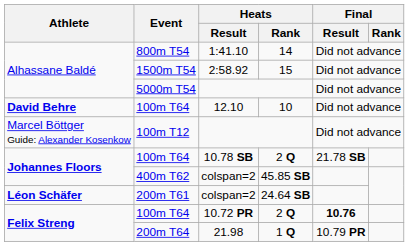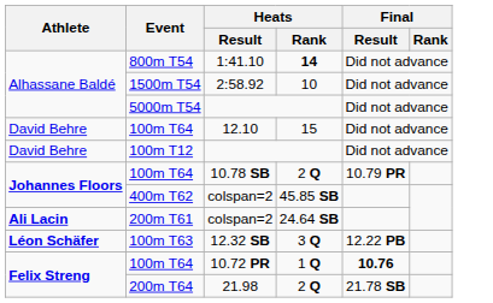 <table class=wikitable style="font-size:90%">
 <tr>
 <th rowspan="2">Athlete</th>
 <th rowspan="2">Event</th>
 <th colspan="2">Heats</th>
 <th colspan="2">Final</th>
 </tr>
 <tr>
 <th>Result</th>
 <th>Rank</th>
 <th>Result</th>
 <th>Rank</th>
 </tr>
 <tr align=center>
 <td align=left rowspan=3><a href='#'>Alhassane Baldé</a></td>
 <td align=left><a href='#'>800m T54</a></td>
 <td>1:41.10</td>
-<td>14</td>
+<td><strong>14</strong></td>
 <td colspan=2>Did not advance</td>
 </tr>
 <tr align=center>
 <td align=left><a href='#'>1500m T54</a></td>
 <td>2:58.92</td>
-<td>15</td>
+<td>10</td>
 <td colspan=2>Did not advance</td>
 </tr>
 <tr align=center>
 <td align=left><a href='#'>5000m T54</a></td>
 <td colspan=2></td>
 <td colspan=2>Did not advance</td>
 </tr>
 <tr align=center>
-<td align=left><strong><a href='#'>David Behre</a></strong></td>
+<td align=left><a href='#'>David Behre</a></td>
 <td align=left><a href='#'>100m T64</a></td>
 <td>12.10</td>
-<td>10</td>
+<td>15</td>
 <td colspan=2>Did not advance</td>
 </tr>
 <tr align=center>
-<td align=left><a href='#'>Marcel Böttger</a><br><small>Guide: <a href='#'>Alexander Kosenkow</a></small></td>
+<td align=left><a href='#'>David Behre</a></td>
 <td align=left><a href='#'>100m T12</a></td>
 <td colspan=2></td>
 <td colspan=2>Did not advance</td>
 </tr>
 <tr align=center>
 <td align=left rowspan=2><strong><a href='#'>Johannes Floors</a></strong></td>
 <td align=left><a href='#'>100m T64</a></td>
 <td>10.78 <strong>SB</strong></td>
 <td>2 <strong>Q</strong></td>
-<td>21.78 <strong>SB</strong></td>
+<td>10.79 <strong>PR</strong></td>
 <td></td>
 </tr>
 <tr align=center>
 <td align=left><a href='#'>400m T62</a></td>
 <td>colspan=2</td>
 <td>45.85 <strong>SB</strong></td>
 <td></td>
 </tr>
 <tr align=center>
-<td align=left><strong><a href='#'>Léon Schäfer</a></strong></td>
+<td align=left><strong><a href='#'>Ali Lacin</a></strong></td>
 <td align=left><a href='#'>200m T61</a></td>
 <td>colspan=2</td>
 <td>24.64 <strong>SB</strong></td>
 <td></td>
 </tr>
 <tr align=center>
+<td align=left><strong><a href='#'>Léon Schäfer</a></strong></td>
+<td align=left><a href='#'>100m T63</a></td>
+<td>12.32 <strong>SB</strong></td>
+<td>3 <strong>Q</strong></td>
+<td>12.22 <strong>PB</strong></td>
+<td></td>
+</tr>
+<tr align=center>
 <td align=left rowspan=2><strong><a href='#'>Felix Streng</a></strong></td>
 <td align=left><a href='#'>100m T64</a></td>
 <td>10.72 <strong>PR</strong></td>
-<td>2 <strong>Q</strong></td>
+<td>1 <strong>Q</strong></td>
 <td><strong>10.76</strong></td>
 <td></td>
 </tr>
 <tr align=center>
 <td align=left><a href='#'>200m T64</a></td>
 <td>21.98</td>
-<td>1 <strong>Q</strong></td>
-<td>10.79 <strong>PR</strong></td>
+<td>2 <strong>Q</strong></td>
+<td>21.78 <strong>SB</strong></td>
 <td></td>
 </tr>
 </table>
